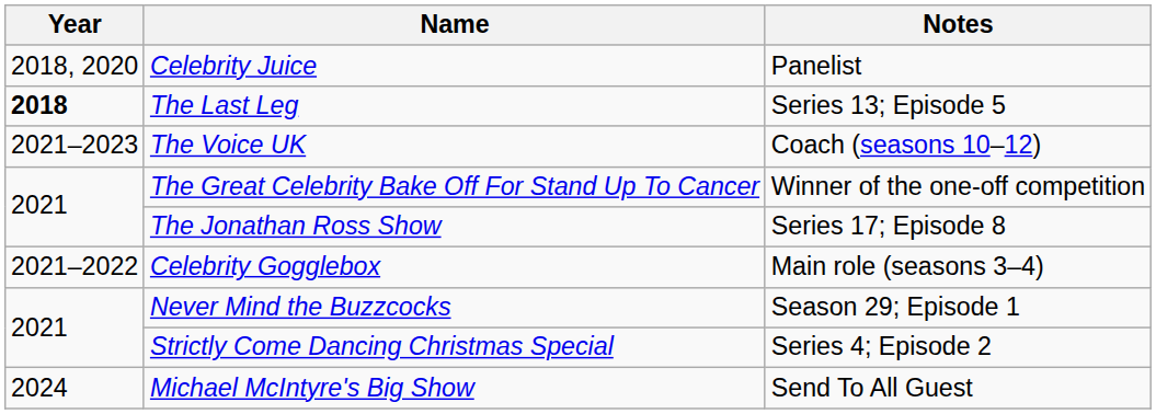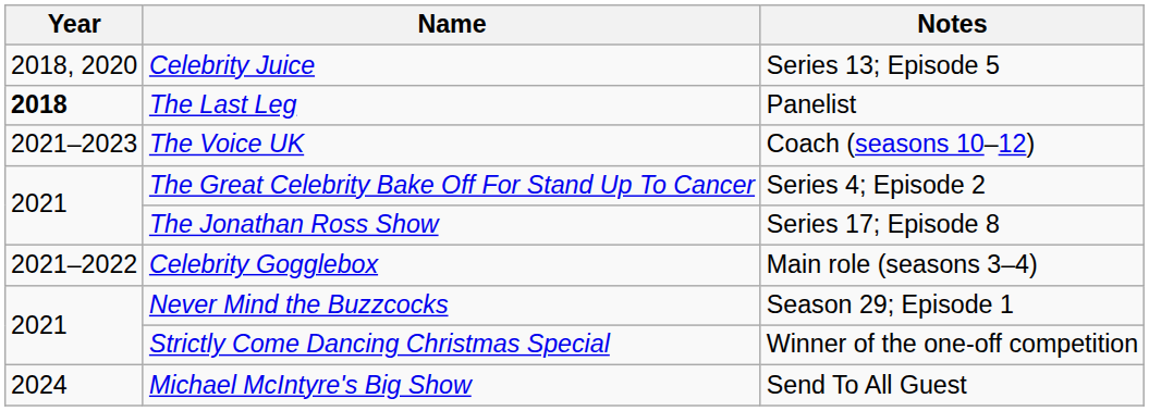 <table class="wikitable sortable;">
 <tr>
 <th scope=col>Year</th>
 <th scope=col>Name</th>
 <th scope=col>Notes</th>
 </tr>
 <tr>
 <td>2018, 2020</td>
 <td><em><a href='#'>Celebrity Juice</a></em></td>
-<td>Panelist</td>
+<td>Series 13; Episode 5</td>
 </tr>
 <tr>
 <td><strong>2018</strong></td>
 <td><em><a href='#'>The Last Leg</a></em></td>
-<td>Series 13; Episode 5</td>
+<td>Panelist</td>
 </tr>
 <tr>
 <td>2021–2023</td>
 <td><em><a href='#'>The Voice UK</a></em></td>
 <td>Coach (<a href='#'>seasons 10</a>–<a href='#'>12</a>)</td>
 </tr>
 <tr>
 <td rowspan="2">2021</td>
 <td><em><a href='#'>The Great Celebrity Bake Off For Stand Up To Cancer</a></em></td>
-<td>Winner of the one-off competition</td>
+<td>Series 4; Episode 2</td>
 </tr>
 <tr>
 <td><em><a href='#'>The Jonathan Ross Show</a></em></td>
 <td>Series 17; Episode 8</td>
 </tr>
 <tr>
 <td>2021–2022</td>
 <td><em><a href='#'>Celebrity Gogglebox</a></em></td>
 <td>Main role (seasons 3–4)</td>
 </tr>
 <tr>
 <td rowspan="2">2021</td>
 <td><em><a href='#'>Never Mind the Buzzcocks</a></em></td>
 <td>Season 29; Episode 1</td>
 </tr>
 <tr>
 <td><em><a href='#'>Strictly Come Dancing Christmas Special</a></em></td>
-<td>Series 4; Episode 2</td>
+<td>Winner of the one-off competition</td>
 </tr>
 <tr>
 <td>2024</td>
 <td><em><a href='#'>Michael McIntyre's Big Show</a></em></td>
 <td>Send To All Guest</td>
 </tr>
 </table>
